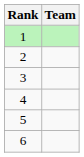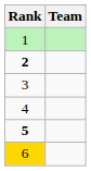 <table class="wikitable">
 <tr>
 <th>Rank</th>
 <th>Team</th>
 </tr>
 <tr bgcolor=bbf3bb>
 <td align=center>1</td>
 <td></td>
 </tr>
 <tr>
-<td align=center>2</td>
+<td align=center><strong>2</strong></td>
 <td></td>
 </tr>
 <tr>
 <td align=center>3</td>
 <td></td>
 </tr>
 <tr>
 <td align=center>4</td>
 <td></td>
 </tr>
 <tr>
-<td align=center>5</td>
+<td align=center><strong>5</strong></td>
 <td></td>
 </tr>
 <tr>
-<td align=center>6</td>
+<td align=center style="background: gold;">6</td>
 <td></td>
 </tr>
 </table>
